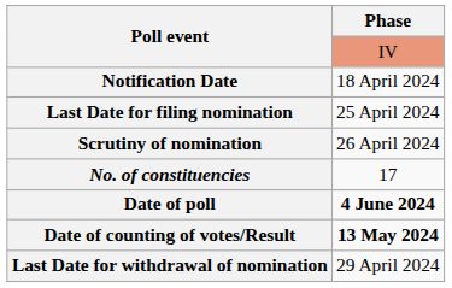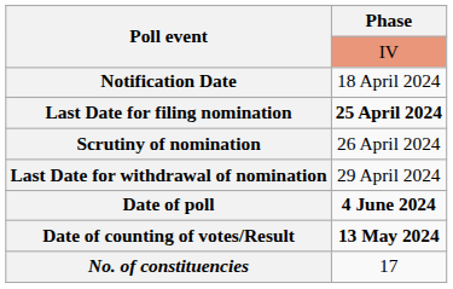 <table class="wikitable" style="text-align:center;margin:auto;font-size:90%;">
 <tr>
 <th rowspan=2>Poll event</th>
 <th>Phase</th>
 </tr>
 <tr>
 <td bgcolor=#E9967A>IV</td>
 </tr>
 <tr>
 <th>Notification Date</th>
 <td>18 April 2024</td>
 </tr>
 <tr>
 <th>Last Date for filing nomination</th>
-<td>25 April 2024</td>
+<td><strong>25 April 2024</strong></td>
 </tr>
 <tr>
 <th>Scrutiny of nomination</th>
 <td>26 April 2024</td>
 </tr>
 <tr>
-<th><strong><em>No. of constituencies</em></strong></th>
-<td>17</td>
+<th>Last Date for withdrawal of nomination</th>
+<td>29 April 2024</td>
 </tr>
 <tr>
 <th>Date of poll</th>
 <td><strong>4 June 2024</strong></td>
 </tr>
 <tr>
 <th>Date of counting of votes/Result</th>
 <td><strong>13 May 2024</strong></td>
 </tr>
 <tr>
-<th>Last Date for withdrawal of nomination</th>
-<td>29 April 2024</td>
+<th><strong><em>No. of constituencies</em></strong></th>
+<td>17</td>
 </tr>
 </table>
